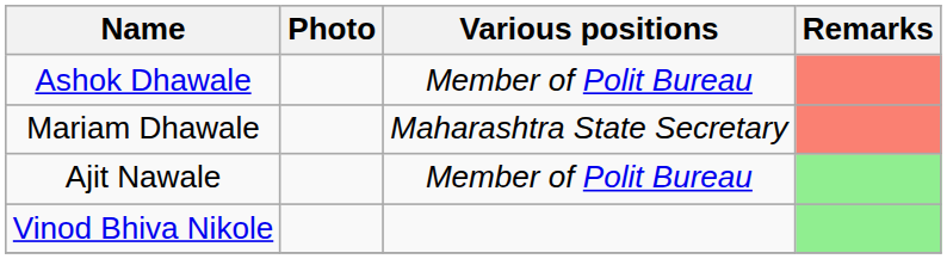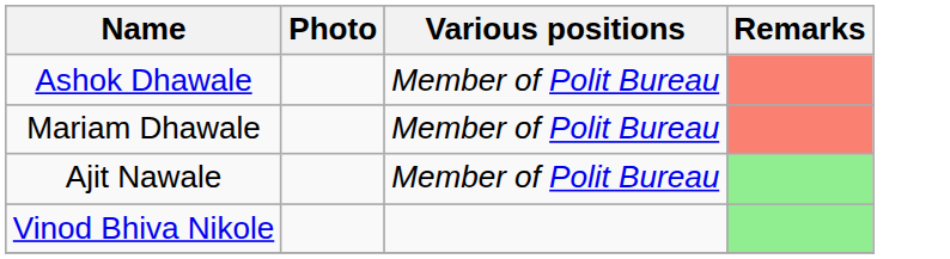 <table class="wikitable sortable" style="text-align:center">
 <tr>
 <th Style="background-color:">Name</th>
 <th Style="background-color:">Photo</th>
 <th Style="background-color:">Various positions</th>
 <th Style="background-color:">Remarks</th>
 </tr>
 <tr>
 <td><a href='#'>Ashok Dhawale</a></td>
 <td></td>
 <td><em>Member of <a href='#'>Polit Bureau</a></em></td>
 <td bgcolor = Salmon></td>
 </tr>
 <tr>
 <td>Mariam Dhawale</td>
 <td></td>
-<td><em>Maharashtra State Secretary</em></td>
+<td><em>Member of <a href='#'>Polit Bureau</a></em></td>
 <td bgcolor = Salmon></td>
 </tr>
 <tr>
 <td>Ajit Nawale</td>
 <td></td>
 <td><em>Member of <a href='#'>Polit Bureau</a></em></td>
 <td bgcolor = LightGreen></td>
 </tr>
 <tr>
 <td><a href='#'>Vinod Bhiva Nikole</a></td>
 <td></td>
 <td></td>
 <td bgcolor = LightGreen></td>
 </tr>
 <tr>
 </tr>
 </table>
